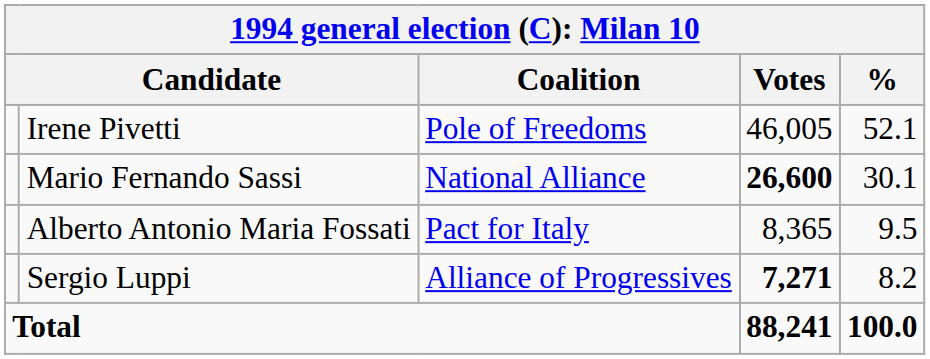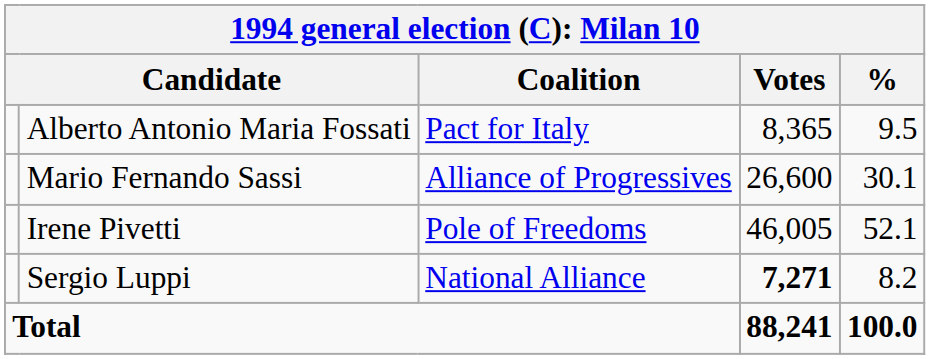 <table class=wikitable style=text-align:right>
 <tr>
 <th colspan=5><a href='#'>1994 general election</a> (<a href='#'>C</a>): <a href='#'>Milan 10</a></th>
 </tr>
 <tr>
 <th colspan=2>Candidate</th>
 <th>Coalition</th>
 <th>Votes</th>
 <th>%</th>
 </tr>
 <tr>
 <td></td>
+<td align=left>Alberto Antonio Maria Fossati</td>
+<td align=left><a href='#'>Pact for Italy</a></td>
+<td>8,365</td>
+<td>9.5</td>
+</tr>
+<tr>
+<td></td>
+<td align=left>Mario Fernando Sassi</td>
+<td align=left><a href='#'>Alliance of Progressives</a></td>
+<td>26,600</td>
+<td>30.1</td>
+</tr>
+<tr>
+<td></td>
 <td align=left>Irene Pivetti</td>
 <td align=left><a href='#'>Pole of Freedoms</a></td>
 <td>46,005</td>
 <td>52.1</td>
 </tr>
 <tr>
 <td></td>
-<td align=left>Mario Fernando Sassi</td>
+<td align=left>Sergio Luppi</td>
 <td align=left><a href='#'>National Alliance</a></td>
-<td><strong>26,600</strong></td>
-<td>30.1</td>
-</tr>
-<tr>
-<td></td>
-<td align=left>Alberto Antonio Maria Fossati</td>
-<td align=left><a href='#'>Pact for Italy</a></td>
-<td>8,365</td>
-<td>9.5</td>
-</tr>
-<tr>
-<td></td>
-<td align=left>Sergio Luppi</td>
-<td align=left><a href='#'>Alliance of Progressives</a></td>
 <td><strong>7,271</strong></td>
 <td>8.2</td>
 </tr>
 <tr>
 <td align=left colspan=3><strong>Total</strong></td>
 <td><strong>88,241</strong></td>
 <td><strong>100.0</strong></td>
 </tr>
 </table>
